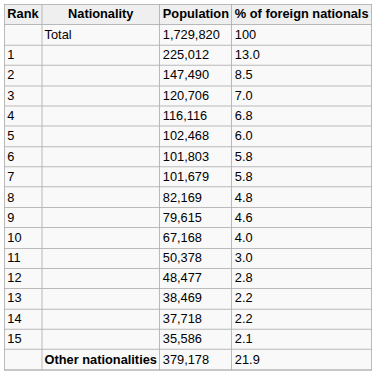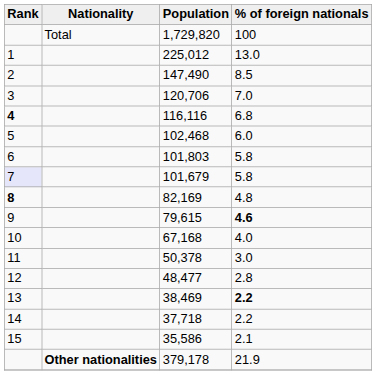 <table class="wikitable sortable">
 <tr>
 <th style="background:#efefef;">Rank</th>
 <th style="background:#efefef;">Nationality</th>
 <th style="background:#efefef;">Population</th>
 <th style="background:#efefef;">% of foreign nationals</th>
 </tr>
 <tr>
 <td></td>
 <td>Total</td>
 <td>1,729,820</td>
 <td>100</td>
 </tr>
 <tr>
 <td>1</td>
 <td></td>
 <td>225,012</td>
 <td>13.0</td>
 </tr>
 <tr>
 <td>2</td>
 <td></td>
 <td>147,490</td>
 <td>8.5</td>
 </tr>
 <tr>
 <td>3</td>
 <td></td>
 <td>120,706</td>
 <td>7.0</td>
 </tr>
 <tr>
-<td>4</td>
+<td><strong>4</strong></td>
 <td></td>
 <td>116,116</td>
 <td>6.8</td>
 </tr>
 <tr>
 <td>5</td>
 <td></td>
 <td>102,468</td>
 <td>6.0</td>
 </tr>
 <tr>
 <td>6</td>
 <td></td>
 <td>101,803</td>
 <td>5.8</td>
 </tr>
 <tr>
-<td>7</td>
+<td style="background: lavender;">7</td>
 <td></td>
 <td>101,679</td>
 <td>5.8</td>
 </tr>
 <tr>
-<td>8</td>
+<td><strong>8</strong></td>
 <td></td>
 <td>82,169</td>
 <td>4.8</td>
 </tr>
 <tr>
 <td>9</td>
 <td></td>
 <td>79,615</td>
-<td>4.6</td>
+<td><strong>4.6</strong></td>
 </tr>
 <tr>
 <td>10</td>
 <td></td>
 <td>67,168</td>
 <td>4.0</td>
 </tr>
 <tr>
 <td>11</td>
 <td></td>
 <td>50,378</td>
 <td>3.0</td>
 </tr>
 <tr>
 <td>12</td>
 <td></td>
 <td>48,477</td>
 <td>2.8</td>
 </tr>
 <tr>
 <td>13</td>
 <td></td>
 <td>38,469</td>
-<td>2.2</td>
+<td><strong>2.2</strong></td>
 </tr>
 <tr>
 <td>14</td>
 <td></td>
 <td>37,718</td>
 <td>2.2</td>
 </tr>
 <tr>
 <td>15</td>
 <td></td>
 <td>35,586</td>
 <td>2.1</td>
 </tr>
 <tr>
 <td></td>
 <td><strong>Other nationalities</strong></td>
 <td>379,178</td>
 <td>21.9</td>
 </tr>
 <tr>
 </tr>
 </table>
